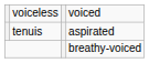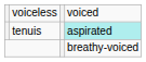 <table class="wikitable">
 <tr>
 <th></th>
 <td>voiceless</td>
 <th></th>
 <td>voiced</td>
 </tr>
 <tr>
 <th></th>
 <td>tenuis</td>
 <th></th>
-<td>aspirated</td>
+<td style="background: paleturquoise;">aspirated</td>
 </tr>
 <tr>
 <td colspan="2"></td>
 <th></th>
 <td>breathy-voiced</td>
 </tr>
 </table>
